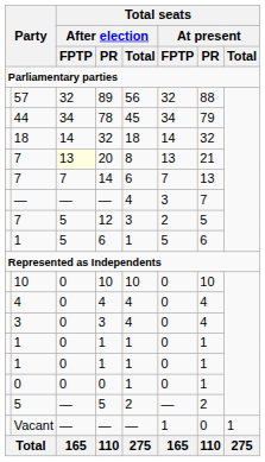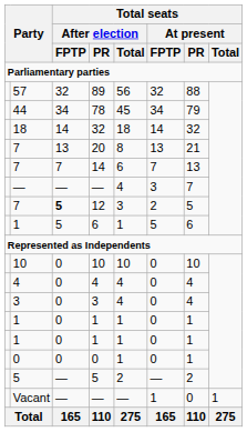 <table class="wikitable sortable">
 <tr>
 <th colspan="2" rowspan="3">Party</th>
 <th colspan="6">Total seats</th>
 </tr>
 <tr>
 <th colspan="3">After <a href='#'>election</a></th>
 <th colspan="3">At present</th>
 </tr>
 <tr>
 <th>FPTP</th>
 <th>PR</th>
 <th>Total</th>
 <th>FPTP</th>
 <th>PR</th>
 <th>Total</th>
 </tr>
 <tr>
 <td colspan="8"><strong><small>Parliamentary parties</small></strong></td>
 </tr>
 <tr>
 <td></td>
 <td>57</td>
 <td>32</td>
 <td>89</td>
 <td>56</td>
 <td>32</td>
 <td>88</td>
 </tr>
 <tr>
 <td></td>
 <td>44</td>
 <td>34</td>
 <td>78</td>
 <td>45</td>
 <td>34</td>
 <td>79</td>
 </tr>
 <tr>
 <td></td>
 <td>18</td>
 <td>14</td>
 <td>32</td>
 <td>18</td>
 <td>14</td>
 <td>32</td>
 </tr>
 <tr>
 <td></td>
 <td>7</td>
-<td style="background: lightyellow;">13</td>
+<td>13</td>
 <td>20</td>
 <td>8</td>
 <td>13</td>
 <td>21</td>
 </tr>
 <tr>
 <td></td>
 <td>7</td>
 <td>7</td>
 <td>14</td>
 <td>6</td>
 <td>7</td>
 <td>13</td>
 </tr>
 <tr>
 <td></td>
 <td>—</td>
 <td>—</td>
 <td>—</td>
 <td>4</td>
 <td>3</td>
 <td>7</td>
 </tr>
 <tr>
 <td></td>
 <td>7</td>
-<td>5</td>
+<td><strong>5</strong></td>
 <td>12</td>
 <td>3</td>
 <td>2</td>
 <td>5</td>
 </tr>
 <tr>
 <td></td>
 <td>1</td>
 <td>5</td>
 <td>6</td>
 <td>1</td>
 <td>5</td>
 <td>6</td>
 </tr>
 <tr>
 <td colspan="8"><strong><small>Represented as Independents</small></strong></td>
 </tr>
 <tr>
 <td></td>
 <td>10</td>
 <td>0</td>
 <td>10</td>
 <td>10</td>
 <td>0</td>
 <td>10</td>
 </tr>
 <tr>
 <td></td>
 <td>4</td>
 <td>0</td>
 <td>4</td>
 <td>4</td>
 <td>0</td>
 <td>4</td>
 </tr>
 <tr>
 <td></td>
 <td>3</td>
 <td>0</td>
 <td>3</td>
 <td>4</td>
 <td>0</td>
 <td>4</td>
 </tr>
 <tr>
 <td></td>
 <td>1</td>
 <td>0</td>
 <td>1</td>
 <td>1</td>
 <td>0</td>
 <td>1</td>
 </tr>
 <tr>
 <td></td>
 <td>1</td>
 <td>0</td>
 <td>1</td>
 <td>1</td>
 <td>0</td>
 <td>1</td>
 </tr>
 <tr>
 <td></td>
 <td>0</td>
 <td>0</td>
 <td>0</td>
 <td>1</td>
 <td>0</td>
 <td>1</td>
 </tr>
 <tr>
 <td></td>
 <td>5</td>
 <td>—</td>
 <td>5</td>
 <td>2</td>
 <td>—</td>
 <td>2</td>
 </tr>
 <tr>
 <td></td>
 <td>Vacant</td>
 <td>—</td>
 <td>—</td>
 <td>—</td>
 <td>1</td>
 <td>0</td>
 <td>1</td>
 </tr>
 <tr>
 <th colspan="2">Total</th>
 <th>165</th>
 <th>110</th>
 <th>275</th>
 <th>165</th>
 <th>110</th>
 <th>275</th>
 </tr>
 </table>
